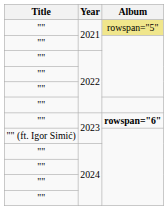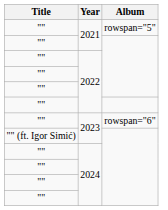 <table class="wikitable plainrowheaders" style="text-align:center;">
 <tr>
 <th scope="col">Title</th>
 <th scope="col">Year</th>
 <th scope="col">Album</th>
 </tr>
 <tr>
 <td>""</td>
 <td rowspan="2">2021</td>
-<td style="background: khaki;">rowspan="5" </td>
+<td>rowspan="5" </td>
 </tr>
 <tr>
 <td>""</td>
 </tr>
 <tr>
 <td>""</td>
 <td rowspan="4">2022</td>
 </tr>
 <tr>
 <td>""</td>
 </tr>
 <tr>
 <td>""</td>
 </tr>
 <tr>
 <td>""</td>
 <td> </td>
 </tr>
 <tr>
 <td>""</td>
 <td rowspan="2">2023</td>
-<td><strong>rowspan="6" </strong></td>
+<td>rowspan="6" </td>
 </tr>
 <tr>
 <td>"" (ft. Igor Simić)</td>
 </tr>
 <tr>
 <td>""</td>
 <td rowspan="4">2024</td>
 </tr>
 <tr>
 <td>""</td>
 </tr>
 <tr>
 <td>""</td>
 </tr>
 <tr>
 <td>""</td>
 </tr>
 </table>
